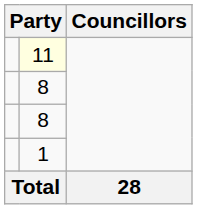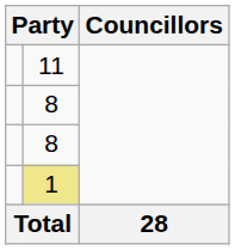 <table class="wikitable">
 <tr>
 <th colspan=2>Party</th>
 <th>Councillors</th>
 </tr>
 <tr>
 <td></td>
-<td align=center style="background: lightyellow;">11</td>
+<td align=center>11</td>
 </tr>
 <tr>
 <td></td>
 <td align=center>8</td>
 </tr>
 <tr>
 <td></td>
 <td align=center>8</td>
 </tr>
 <tr>
 <td></td>
-<td align=center>1</td>
+<td align=center style="background: khaki;">1</td>
 </tr>
 <tr>
 <th colspan=2>Total</th>
 <th align=center>28</th>
 </tr>
 </table>
